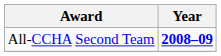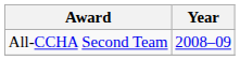 <table class="wikitable">
 <tr>
 <th>Award</th>
 <th>Year</th>
 </tr>
 <tr>
 <td>All-<a href='#'>CCHA</a> <a href='#'>Second Team</a></td>
-<td><strong><a href='#'>2008–09</a></strong></td>
+<td><a href='#'>2008–09</a></td>
 </tr>
 <tr>
 </tr>
 </table>
